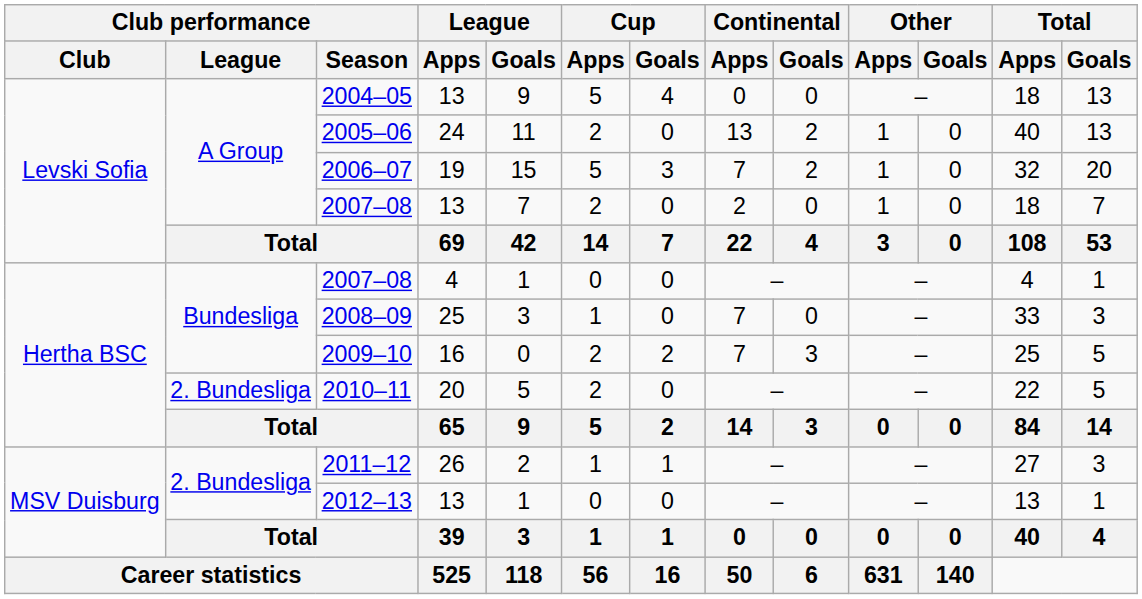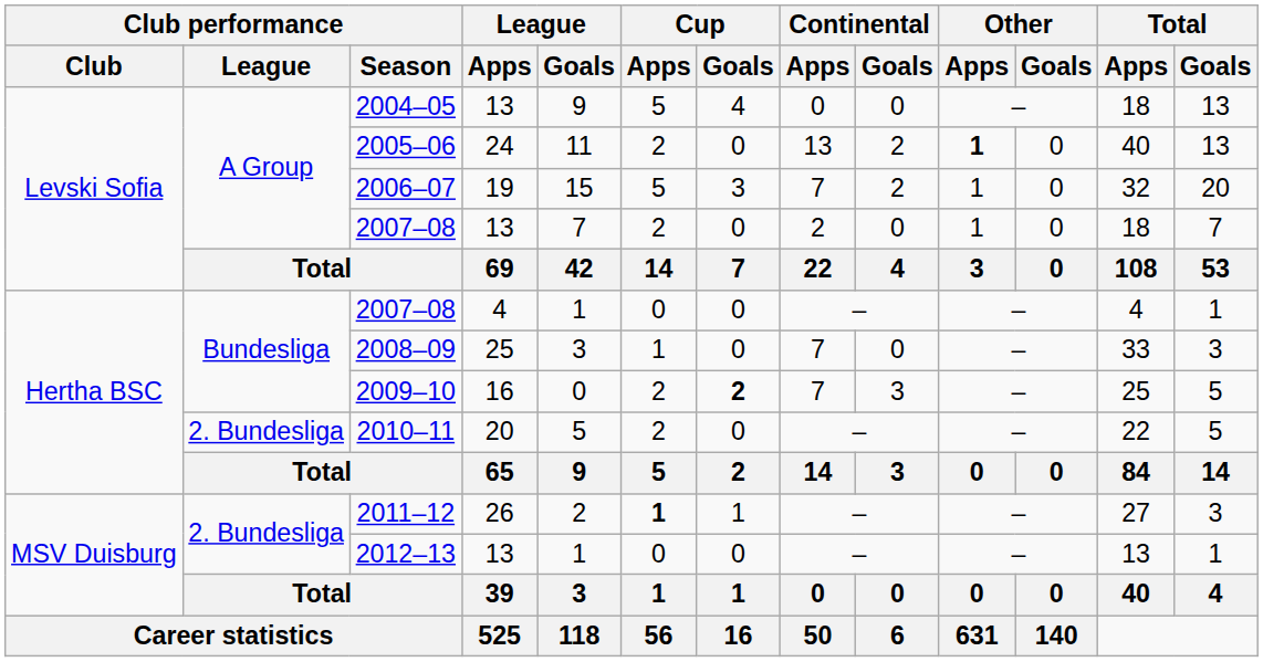 <table class="wikitable" style="text-align: center">
 <tr>
 <th Colspan="3">Club performance</th>
 <th Colspan="2">League</th>
 <th Colspan="2">Cup</th>
 <th Colspan="2">Continental</th>
 <th Colspan="2">Other</th>
 <th Colspan="3">Total</th>
 </tr>
 <tr>
 <th>Club</th>
 <th>League</th>
 <th>Season</th>
 <th>Apps</th>
 <th>Goals</th>
 <th>Apps</th>
 <th>Goals</th>
 <th>Apps</th>
 <th>Goals</th>
 <th>Apps</th>
 <th>Goals</th>
 <th>Apps</th>
 <th>Goals</th>
 </tr>
 <tr>
 <td rowspan="5" valign="center"><a href='#'>Levski Sofia</a></td>
 <td rowspan="4"><a href='#'>A Group</a></td>
 <td><a href='#'>2004–05</a></td>
 <td>13</td>
 <td>9</td>
 <td>5</td>
 <td>4</td>
 <td>0</td>
 <td>0</td>
 <td colspan="2">–</td>
 <td>18</td>
 <td>13</td>
 </tr>
 <tr>
 <td><a href='#'>2005–06</a></td>
 <td>24</td>
 <td>11</td>
 <td>2</td>
 <td>0</td>
 <td>13</td>
 <td>2</td>
-<td>1</td>
+<td><strong>1</strong></td>
 <td>0</td>
 <td>40</td>
 <td>13</td>
 </tr>
 <tr>
 <td><a href='#'>2006–07</a></td>
 <td>19</td>
 <td>15</td>
 <td>5</td>
 <td>3</td>
 <td>7</td>
 <td>2</td>
 <td>1</td>
 <td>0</td>
 <td>32</td>
 <td>20</td>
 </tr>
 <tr>
 <td><a href='#'>2007–08</a></td>
 <td>13</td>
 <td>7</td>
 <td>2</td>
 <td>0</td>
 <td>2</td>
 <td>0</td>
 <td>1</td>
 <td>0</td>
 <td>18</td>
 <td>7</td>
 </tr>
 <tr>
 <th colspan=2>Total</th>
 <th>69</th>
 <th>42</th>
 <th>14</th>
 <th>7</th>
 <th>22</th>
 <th>4</th>
 <th>3</th>
 <th>0</th>
 <th>108</th>
 <th>53</th>
 </tr>
 <tr>
 <td rowspan="5" valign="center"><a href='#'>Hertha BSC</a></td>
 <td rowspan="3"><a href='#'>Bundesliga</a></td>
 <td><a href='#'>2007–08</a></td>
 <td>4</td>
 <td>1</td>
 <td>0</td>
 <td>0</td>
 <td colspan="2">–</td>
 <td colspan="2">–</td>
 <td>4</td>
 <td>1</td>
 </tr>
 <tr>
 <td><a href='#'>2008–09</a></td>
 <td>25</td>
 <td>3</td>
 <td>1</td>
 <td>0</td>
 <td>7</td>
 <td>0</td>
 <td colspan="2">–</td>
 <td>33</td>
 <td>3</td>
 </tr>
 <tr>
 <td><a href='#'>2009–10</a></td>
 <td>16</td>
 <td>0</td>
 <td>2</td>
-<td>2</td>
+<td><strong>2</strong></td>
 <td>7</td>
 <td>3</td>
 <td colspan="2">–</td>
 <td>25</td>
 <td>5</td>
 </tr>
 <tr>
 <td rowspan="1"><a href='#'>2. Bundesliga</a></td>
 <td><a href='#'>2010–11</a></td>
 <td>20</td>
 <td>5</td>
 <td>2</td>
 <td>0</td>
 <td colspan="2">–</td>
 <td colspan="2">–</td>
 <td>22</td>
 <td>5</td>
 </tr>
 <tr>
 <th colspan=2>Total</th>
 <th>65</th>
 <th>9</th>
 <th>5</th>
 <th>2</th>
 <th>14</th>
 <th>3</th>
 <th>0</th>
 <th>0</th>
 <th>84</th>
 <th>14</th>
 </tr>
 <tr>
 <td rowspan="3" valign="center"><a href='#'>MSV Duisburg</a></td>
 <td rowspan="2"><a href='#'>2. Bundesliga</a></td>
 <td><a href='#'>2011–12</a></td>
 <td>26</td>
 <td>2</td>
-<td>1</td>
+<td><strong>1</strong></td>
 <td>1</td>
 <td colspan="2">–</td>
 <td colspan="2">–</td>
 <td>27</td>
 <td>3</td>
 </tr>
 <tr>
 <td><a href='#'>2012–13</a></td>
 <td>13</td>
 <td>1</td>
 <td>0</td>
 <td>0</td>
 <td colspan="2">–</td>
 <td colspan="2">–</td>
 <td>13</td>
 <td>1</td>
 </tr>
 <tr>
 <th colspan=2>Total</th>
 <th>39</th>
 <th>3</th>
 <th>1</th>
 <th>1</th>
 <th>0</th>
 <th>0</th>
 <th>0</th>
 <th>0</th>
 <th>40</th>
 <th>4</th>
 </tr>
 <tr>
 <th colspan="3">Career statistics</th>
 <th>525</th>
 <th>118</th>
 <th>56</th>
 <th>16</th>
 <th>50</th>
 <th>6</th>
 <th>631</th>
 <th>140</th>
 </tr>
 </table>
